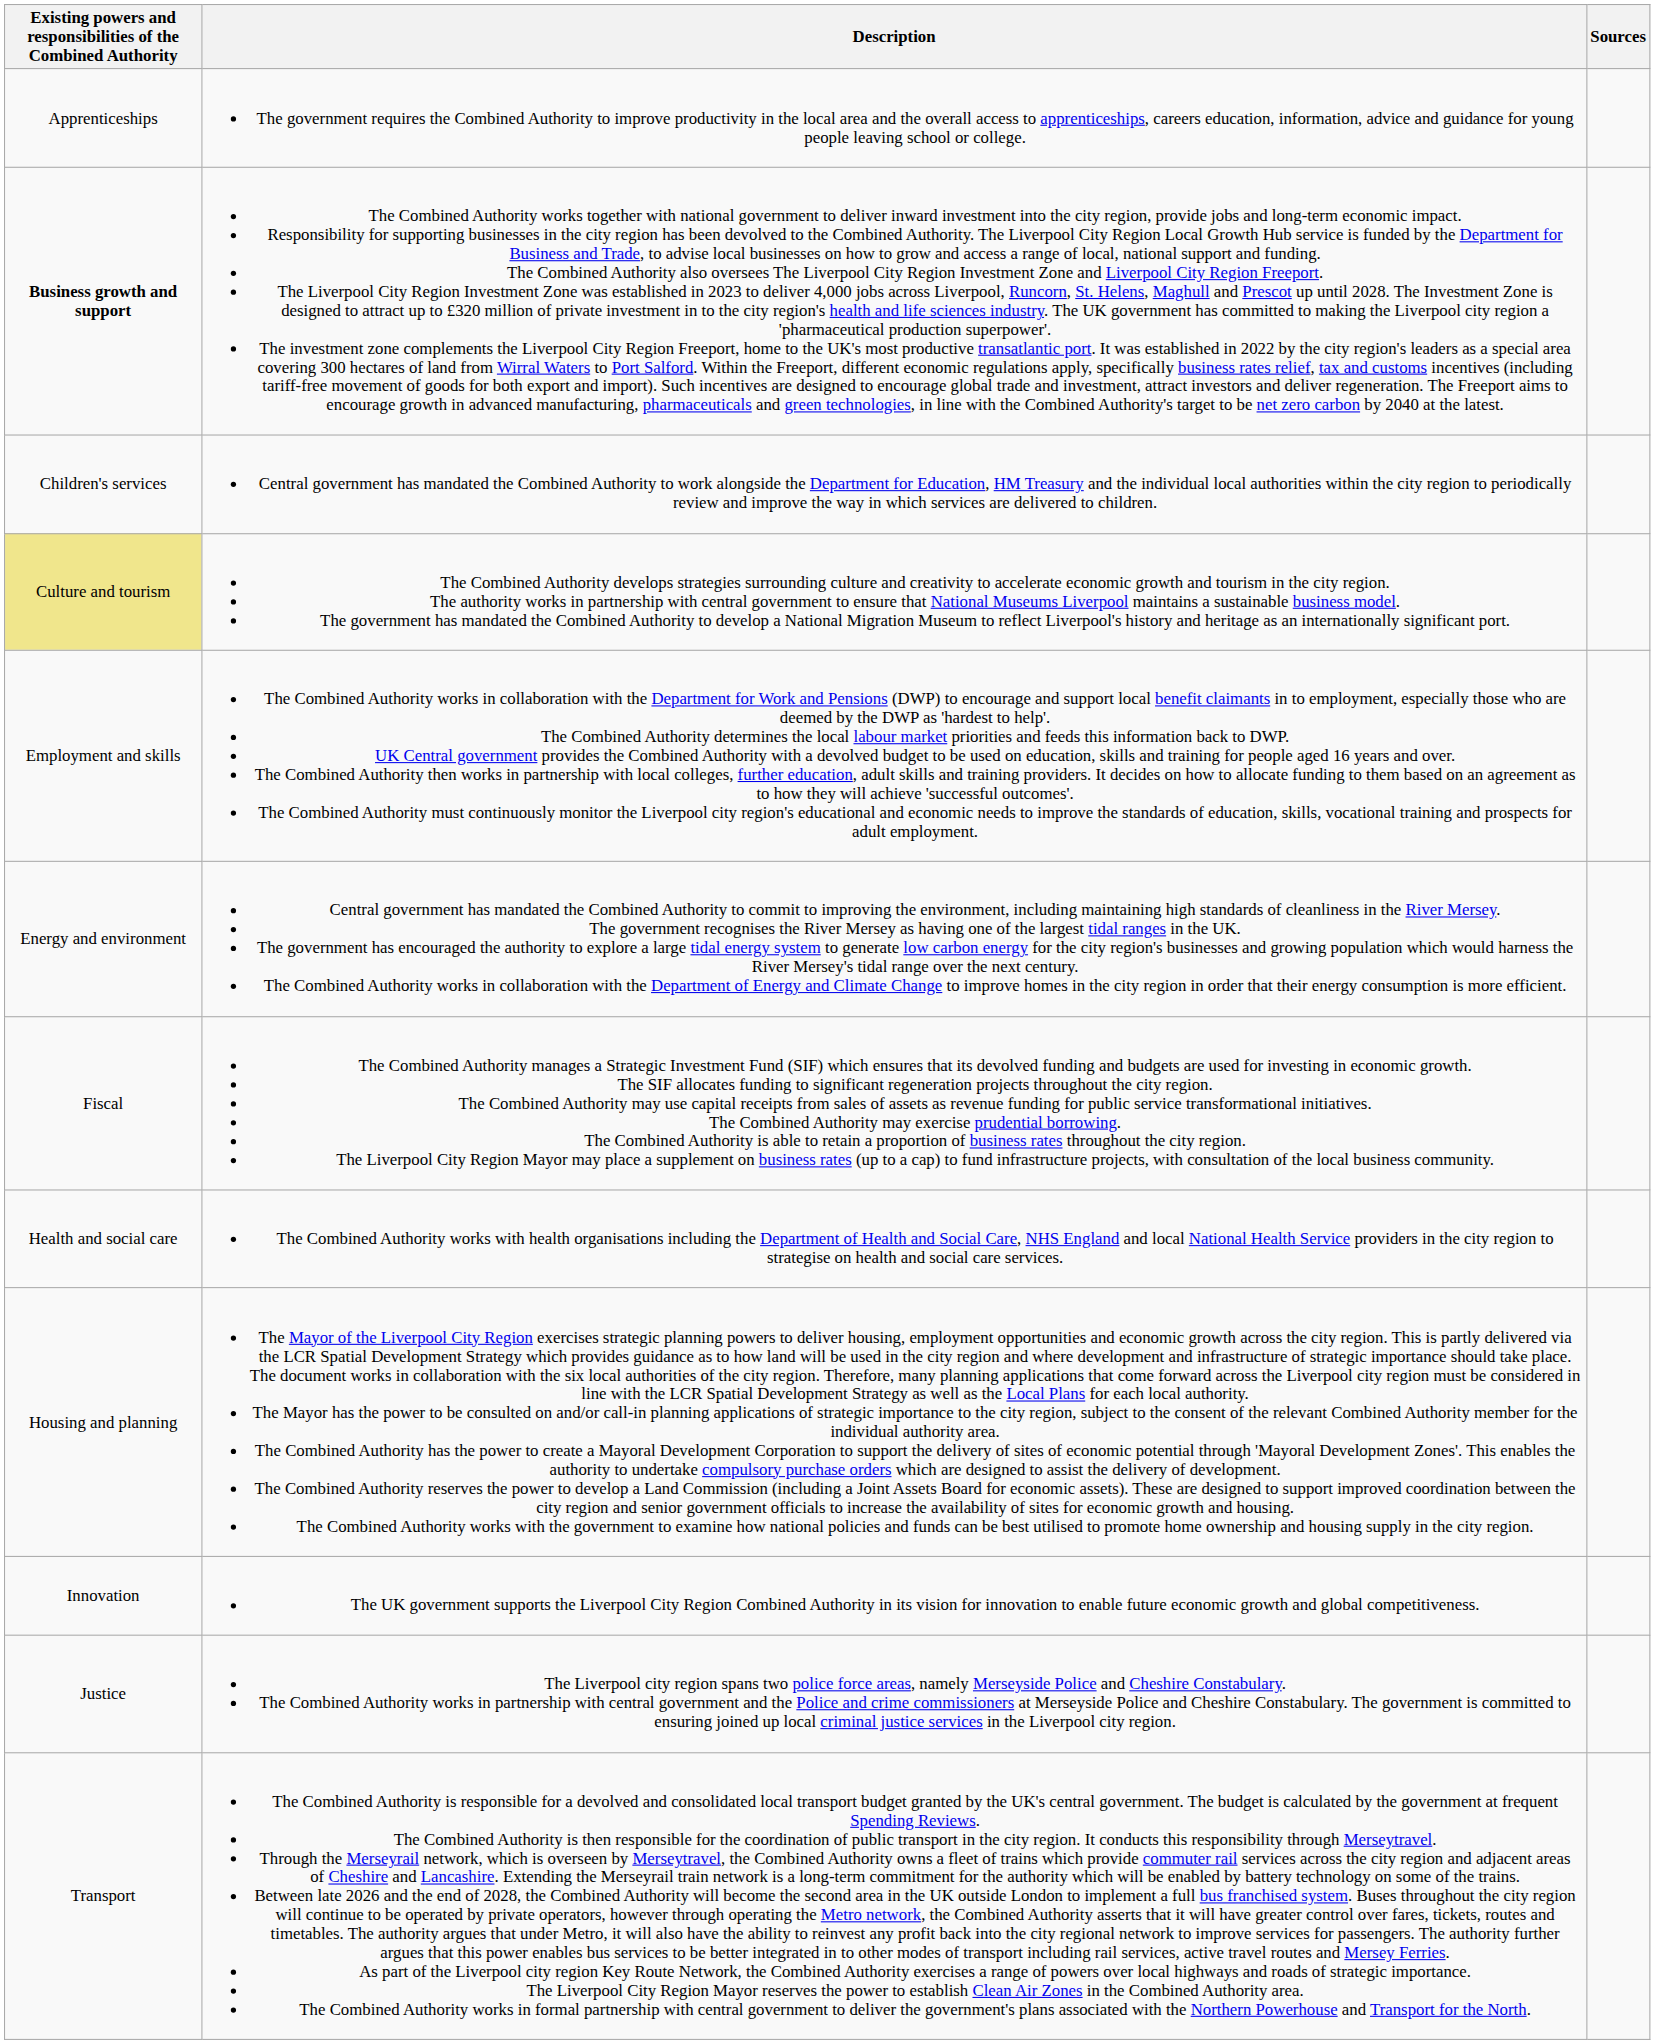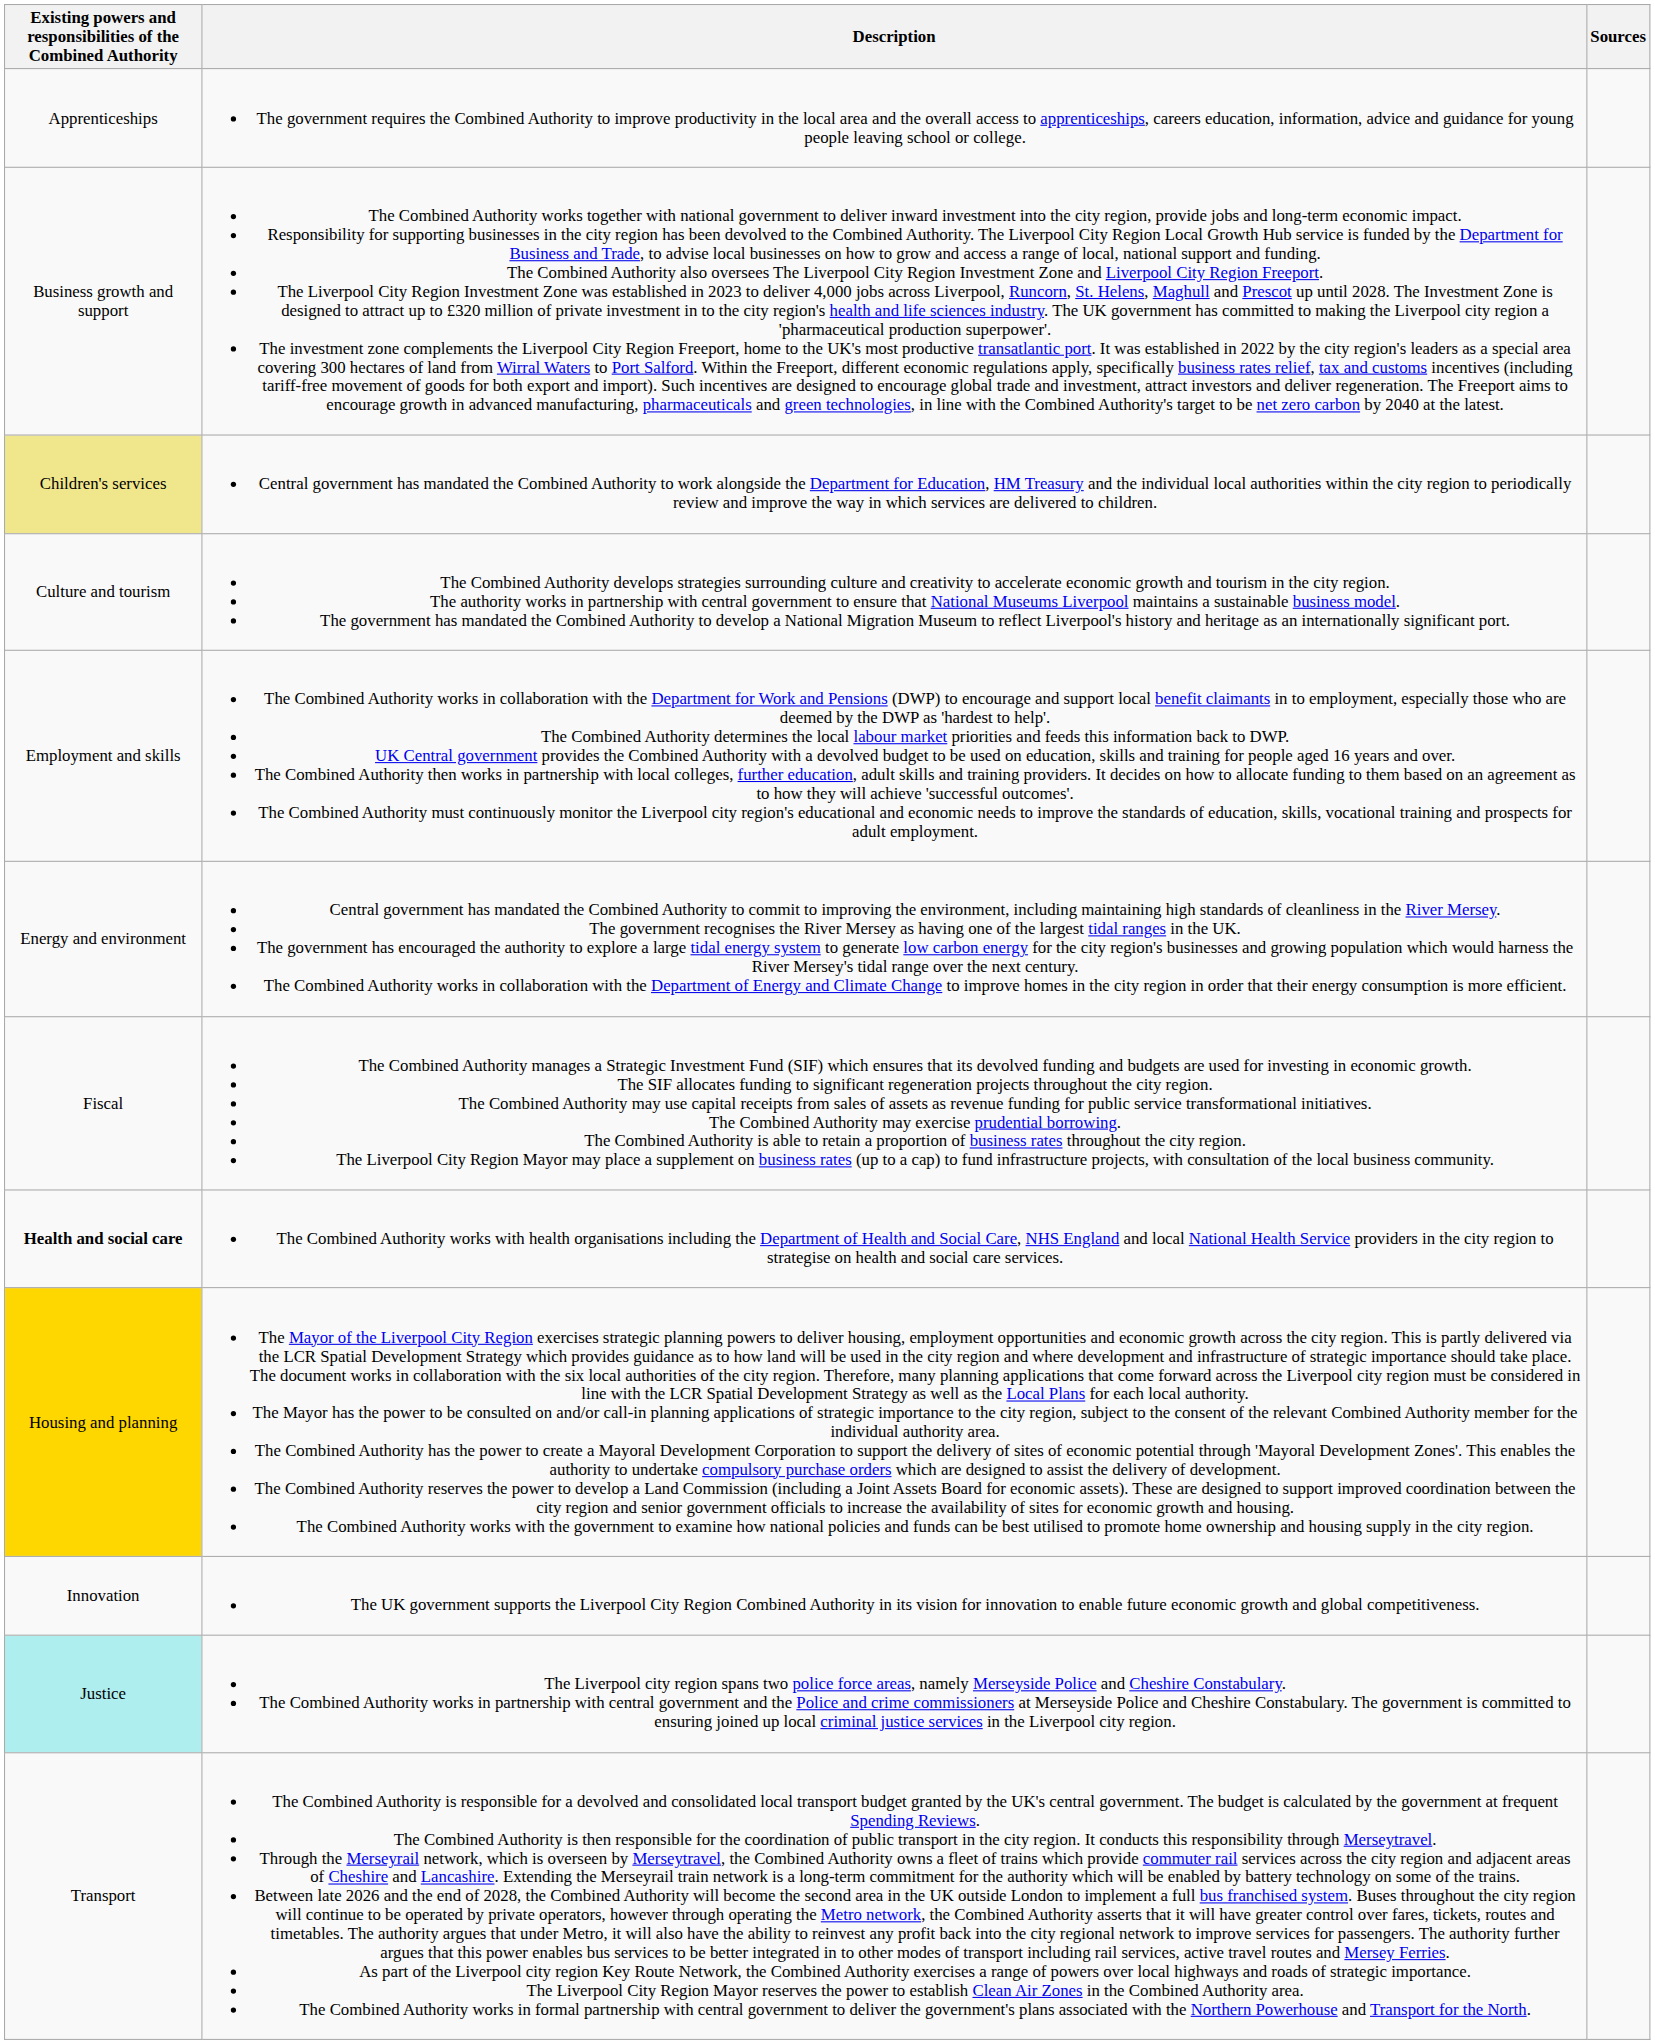 <table class="sortable wikitable" style="text-align:Center">
 <tr>
 <th>Existing powers and responsibilities of the Combined Authority</th>
 <th>Description</th>
 <th>Sources</th>
 </tr>
 <tr>
 <td>Apprenticeships</td>
 <td><br><ul><li>The government requires the Combined Authority to improve productivity in the local area and the overall access to <a href='#'>apprenticeships</a>, careers education, information, advice and guidance for young people leaving school or college.</li></ul></td>
 <td></td>
 </tr>
 <tr>
-<td><strong>Business growth and support</strong></td>
+<td>Business growth and support</td>
 <td><br><ul><li>The Combined Authority works together with national government to deliver inward investment into the city region, provide jobs and long-term economic impact.</li><li>Responsibility for supporting businesses in the city region has been devolved to the Combined Authority. The Liverpool City Region Local Growth Hub service is funded by the <a href='#'>Department for Business and Trade</a>, to advise local businesses on how to grow and access a range of local, national support and funding.</li><li>The Combined Authority also oversees The Liverpool City Region Investment Zone and <a href='#'>Liverpool City Region Freeport</a>.</li><li>The Liverpool City Region Investment Zone was established in 2023 to deliver 4,000 jobs across Liverpool, <a href='#'>Runcorn</a>, <a href='#'>St. Helens</a>, <a href='#'>Maghull</a> and <a href='#'>Prescot</a> up until 2028. The Investment Zone is designed to attract up to £320 million of private investment in to the city region's <a href='#'>health and life sciences industry</a>. The UK government has committed to making the Liverpool city region a 'pharmaceutical production superpower'.</li><li>The investment zone complements the Liverpool City Region Freeport, home to the UK's most productive <a href='#'>transatlantic port</a>. It was established in 2022 by the city region's leaders as a special area covering 300 hectares of land from <a href='#'>Wirral Waters</a> to <a href='#'>Port Salford</a>. Within the Freeport, different economic regulations apply, specifically <a href='#'>business rates relief</a>, <a href='#'>tax and customs</a> incentives (including tariff-free movement of goods for both export and import). Such incentives are designed to encourage global trade and investment, attract investors and deliver regeneration. The Freeport aims to encourage growth in advanced manufacturing, <a href='#'>pharmaceuticals</a> and <a href='#'>green technologies</a>, in line with the Combined Authority's target to be <a href='#'>net zero carbon</a> by 2040 at the latest.</li></ul></td>
 <td><br></td>
 </tr>
 <tr>
-<td>Children's services</td>
+<td style="background: khaki;">Children's services</td>
 <td><br><ul><li>Central government has mandated the Combined Authority to work alongside the <a href='#'>Department for Education</a>, <a href='#'>HM Treasury</a> and the individual local authorities within the city region to periodically review and improve the way in which services are delivered to children.</li></ul></td>
 <td></td>
 </tr>
 <tr>
-<td style="background: khaki;">Culture and tourism</td>
+<td>Culture and tourism</td>
 <td><br><ul><li>The Combined Authority develops strategies surrounding culture and creativity to accelerate economic growth and tourism in the city region.</li><li>The authority works in partnership with central government to ensure that <a href='#'>National Museums Liverpool</a> maintains a sustainable <a href='#'>business model</a>.</li><li>The government has mandated the Combined Authority to develop a National Migration Museum to reflect Liverpool's history and heritage as an internationally significant port.</li></ul></td>
 <td></td>
 </tr>
 <tr>
 <td>Employment and skills</td>
 <td><br><ul><li>The Combined Authority works in collaboration with the <a href='#'>Department for Work and Pensions</a> (DWP) to encourage and support local <a href='#'>benefit claimants</a> in to employment, especially those who are deemed by the DWP as 'hardest to help'.</li><li>The Combined Authority determines the local <a href='#'>labour market</a> priorities and feeds this information back to DWP.</li><li><a href='#'>UK Central government</a> provides the Combined Authority with a devolved budget to be used on education, skills and training for people aged 16 years and over.</li><li>The Combined Authority then works in partnership with local colleges, <a href='#'>further education</a>, adult skills and training providers. It decides on how to allocate funding to them based on an agreement as to how they will achieve 'successful outcomes'.</li><li>The Combined Authority must continuously monitor the Liverpool city region's educational and economic needs to improve the standards of education, skills, vocational training and prospects for adult employment.</li></ul></td>
 <td></td>
 </tr>
 <tr>
 <td>Energy and environment</td>
 <td><br><ul><li>Central government has mandated the Combined Authority to commit to improving the environment, including maintaining high standards of cleanliness in the <a href='#'>River Mersey</a>.</li><li>The government recognises the River Mersey as having one of the largest <a href='#'>tidal ranges</a> in the UK.</li><li>The government has encouraged the authority to explore a large <a href='#'>tidal energy system</a> to generate <a href='#'>low carbon energy</a> for the city region's businesses and growing population which would harness the River Mersey's tidal range over the next century.</li><li>The Combined Authority works in collaboration with the <a href='#'>Department of Energy and Climate Change</a> to improve homes in the city region in order that their energy consumption is more efficient.</li></ul></td>
 </tr>
 <tr>
 <td>Fiscal</td>
 <td><br><ul><li>The Combined Authority manages a Strategic Investment Fund (SIF) which ensures that its devolved funding and budgets are used for investing in economic growth.</li><li>The SIF allocates funding to significant regeneration projects throughout the city region.</li><li>The Combined Authority may use capital receipts from sales of assets as revenue funding for public service transformational initiatives.</li><li>The Combined Authority may exercise <a href='#'>prudential borrowing</a>.</li><li>The Combined Authority is able to retain a proportion of <a href='#'>business rates</a> throughout the city region.</li><li>The Liverpool City Region Mayor may place a supplement on <a href='#'>business rates</a> (up to a cap) to fund infrastructure projects, with consultation of the local business community.</li></ul></td>
 <td><br></td>
 </tr>
 <tr>
-<td>Health and social care</td>
+<td><strong>Health and social care</strong></td>
 <td><br><ul><li>The Combined Authority works with health organisations including the <a href='#'>Department of Health and Social Care</a>, <a href='#'>NHS England</a> and local <a href='#'>National Health Service</a> providers in the city region to strategise on health and social care services.</li></ul></td>
 <td></td>
 </tr>
 <tr>
-<td>Housing and planning</td>
+<td style="background: gold;">Housing and planning</td>
 <td><br><ul><li>The <a href='#'>Mayor of the Liverpool City Region</a> exercises strategic planning powers to deliver housing, employment opportunities and economic growth across the city region. This is partly delivered via the LCR Spatial Development Strategy which provides guidance as to how land will be used in the city region and where development and infrastructure of strategic importance should take place. The document works in collaboration with the six local authorities of the city region. Therefore, many planning applications that come forward across the Liverpool city region must be considered in line with the LCR Spatial Development Strategy as well as the <a href='#'>Local Plans</a> for each local authority.</li><li>The Mayor has the power to be consulted on and/or call-in planning applications of strategic importance to the city region, subject to the consent of the relevant Combined Authority member for the individual authority area.</li><li>The Combined Authority has the power to create a Mayoral Development Corporation to support the delivery of sites of economic potential through 'Mayoral Development Zones'. This enables the authority to undertake <a href='#'>compulsory purchase orders</a> which are designed to assist the delivery of development.</li><li>The Combined Authority reserves the power to develop a Land Commission (including a Joint Assets Board for economic assets). These are designed to support improved coordination between the city region and senior government officials to increase the availability of sites for economic growth and housing.</li><li>The Combined Authority works with the government to examine how national policies and funds can be best utilised to promote home ownership and housing supply in the city region.</li></ul></td>
 <td><br></td>
 </tr>
 <tr>
 <td>Innovation</td>
 <td><br><ul><li>The UK government supports the Liverpool City Region Combined Authority in its vision for innovation to enable future economic growth and global competitiveness.</li></ul></td>
 </tr>
 <tr>
-<td>Justice</td>
+<td style="background: paleturquoise;">Justice</td>
 <td><br><ul><li>The Liverpool city region spans two <a href='#'>police force areas</a>, namely <a href='#'>Merseyside Police</a> and <a href='#'>Cheshire Constabulary</a>.</li><li>The Combined Authority works in partnership with central government and the <a href='#'>Police and crime commissioners</a> at Merseyside Police and Cheshire Constabulary. The government is committed to ensuring joined up local <a href='#'>criminal justice services</a> in the Liverpool city region.</li></ul></td>
 <td></td>
 </tr>
 <tr>
 <td>Transport</td>
 <td><br><ul><li>The Combined Authority is responsible for a devolved and consolidated local transport budget granted by the UK's central government. The budget is calculated by the government at frequent <a href='#'>Spending Reviews</a>.</li><li>The Combined Authority is then responsible for the coordination of public transport in the city region. It conducts this responsibility through <a href='#'>Merseytravel</a>.</li><li>Through the <a href='#'>Merseyrail</a> network, which is overseen by <a href='#'>Merseytravel</a>, the Combined Authority owns a fleet of trains which provide <a href='#'>commuter rail</a> services across the city region and adjacent areas of <a href='#'>Cheshire</a> and <a href='#'>Lancashire</a>. Extending the Merseyrail train network is a long-term commitment for the authority which will be enabled by battery technology on some of the trains.</li><li>Between late 2026 and the end of 2028, the Combined Authority will become the second area in the UK outside London to implement a full <a href='#'>bus franchised system</a>. Buses throughout the city region will continue to be operated by private operators, however through operating the <a href='#'>Metro network</a>, the Combined Authority asserts that it will have greater control over fares, tickets, routes and timetables. The authority argues that under Metro, it will also have the ability to reinvest any profit back into the city regional network to improve services for passengers. The authority further argues that this power enables bus services to be better integrated in to other modes of transport including rail services, active travel routes and <a href='#'>Mersey Ferries</a>.</li><li>As part of the Liverpool city region Key Route Network, the Combined Authority exercises a range of powers over local highways and roads of strategic importance.</li><li>The Liverpool City Region Mayor reserves the power to establish <a href='#'>Clean Air Zones</a> in the Combined Authority area.</li><li>The Combined Authority works in formal partnership with central government to deliver the government's plans associated with the <a href='#'>Northern Powerhouse</a> and <a href='#'>Transport for the North</a>.</li></ul></td>
 <td><br></td>
 </tr>
 </table>
